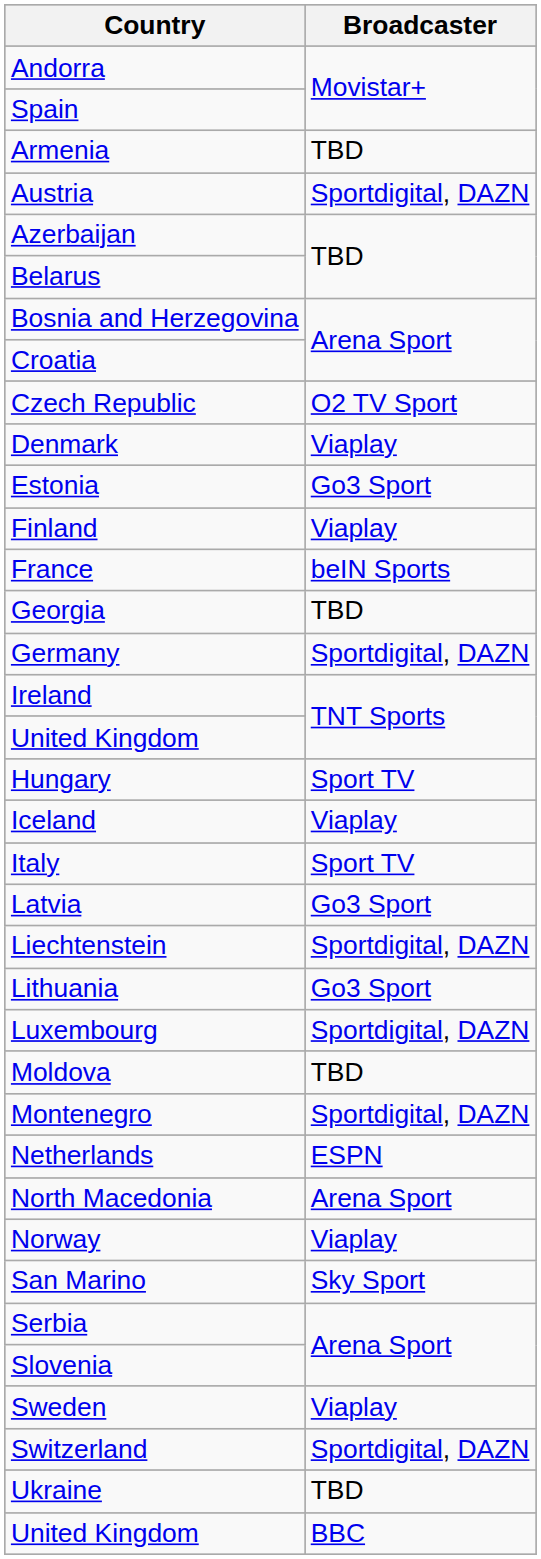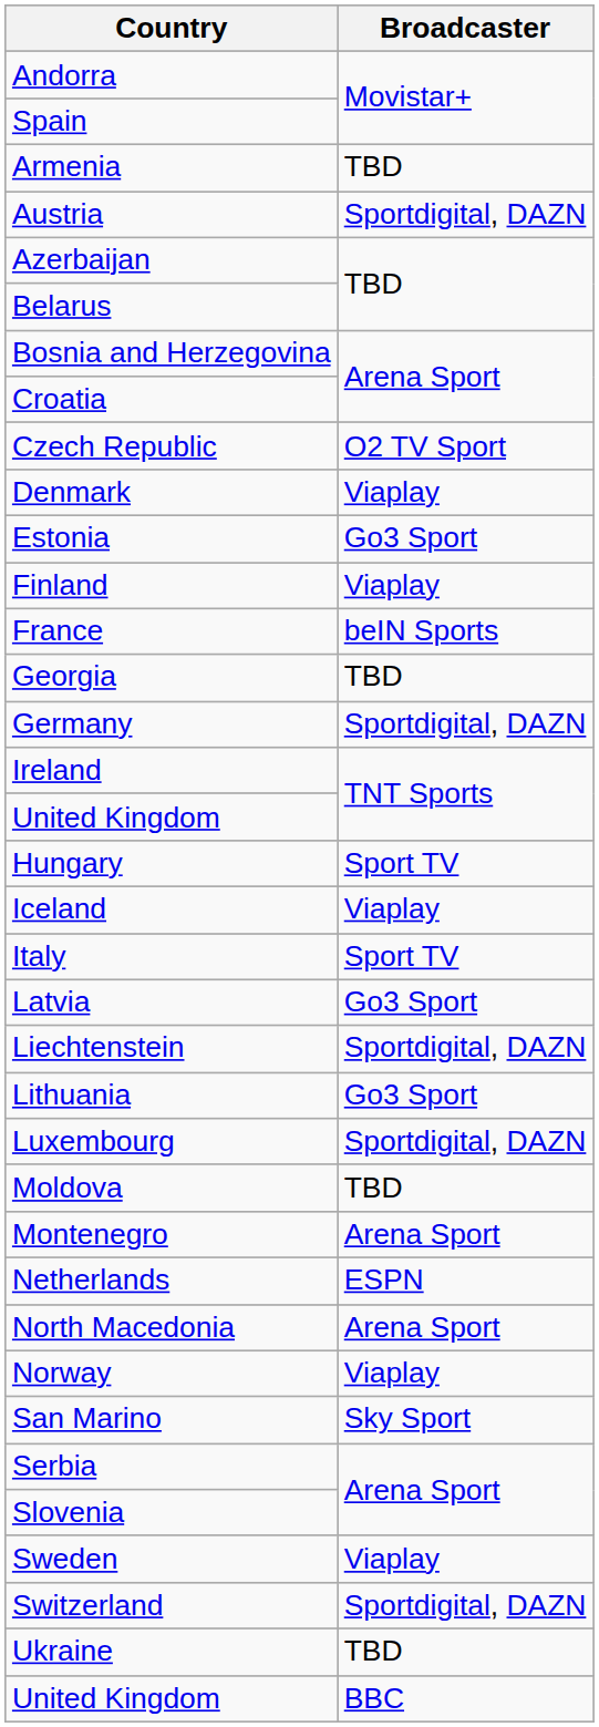 <table class="wikitable">
 <tr>
 <th>Country</th>
 <th>Broadcaster</th>
 </tr>
 <tr>
 <td> <a href='#'>Andorra</a></td>
 <td rowspan=2><a href='#'>Movistar+</a></td>
 </tr>
 <tr>
 <td> <a href='#'>Spain</a></td>
 </tr>
 <tr>
 <td> <a href='#'>Armenia</a></td>
 <td>TBD</td>
 </tr>
 <tr>
 <td>  <a href='#'>Austria</a></td>
 <td><a href='#'>Sportdigital</a>, <a href='#'>DAZN</a></td>
 </tr>
 <tr>
 <td> <a href='#'>Azerbaijan</a></td>
 <td rowspan="2">TBD</td>
 </tr>
 <tr>
 <td> <a href='#'>Belarus</a></td>
 </tr>
 <tr>
 <td>  <a href='#'>Bosnia and Herzegovina</a></td>
 <td rowspan="2"><a href='#'>Arena Sport</a></td>
 </tr>
 <tr>
 <td>  <a href='#'>Croatia</a></td>
 </tr>
 <tr>
 <td> <a href='#'>Czech Republic</a></td>
 <td><a href='#'>O2 TV Sport</a></td>
 </tr>
 <tr>
 <td> <a href='#'>Denmark</a></td>
 <td><a href='#'>Viaplay</a></td>
 </tr>
 <tr>
 <td> <a href='#'>Estonia</a></td>
 <td><a href='#'>Go3 Sport</a></td>
 </tr>
 <tr>
 <td> <a href='#'>Finland</a></td>
 <td><a href='#'>Viaplay</a></td>
 </tr>
 <tr>
 <td> <a href='#'>France</a></td>
 <td><a href='#'>beIN Sports</a></td>
 </tr>
 <tr>
 <td> <a href='#'>Georgia</a></td>
 <td>TBD</td>
 </tr>
 <tr>
 <td>  <a href='#'>Germany</a></td>
 <td><a href='#'>Sportdigital</a>, <a href='#'>DAZN</a></td>
 </tr>
 <tr>
 <td> <a href='#'>Ireland</a></td>
 <td rowspan=2><a href='#'>TNT Sports</a></td>
 </tr>
 <tr>
 <td> <a href='#'>United Kingdom</a></td>
 </tr>
 <tr>
 <td> <a href='#'>Hungary</a></td>
 <td><a href='#'>Sport TV</a></td>
 </tr>
 <tr>
 <td> <a href='#'>Iceland</a></td>
 <td><a href='#'>Viaplay</a></td>
 </tr>
 <tr>
 <td> <a href='#'>Italy</a></td>
 <td><a href='#'>Sport TV</a></td>
 </tr>
 <tr>
 <td> <a href='#'>Latvia</a></td>
 <td><a href='#'>Go3 Sport</a></td>
 </tr>
 <tr>
 <td>  <a href='#'>Liechtenstein</a></td>
 <td><a href='#'>Sportdigital</a>, <a href='#'>DAZN</a></td>
 </tr>
 <tr>
 <td> <a href='#'>Lithuania</a></td>
 <td><a href='#'>Go3 Sport</a></td>
 </tr>
 <tr>
 <td>  <a href='#'>Luxembourg</a></td>
 <td><a href='#'>Sportdigital</a>, <a href='#'>DAZN</a></td>
 </tr>
 <tr>
 <td> <a href='#'>Moldova</a></td>
 <td>TBD</td>
 </tr>
 <tr>
 <td> <a href='#'>Montenegro</a></td>
-<td><a href='#'>Sportdigital</a>, <a href='#'>DAZN</a></td>
+<td><a href='#'>Arena Sport</a></td>
 </tr>
 <tr>
 <td> <a href='#'>Netherlands</a></td>
 <td><a href='#'>ESPN</a></td>
 </tr>
 <tr>
 <td>  <a href='#'>North Macedonia</a></td>
 <td><a href='#'>Arena Sport</a></td>
 </tr>
 <tr>
 <td> <a href='#'>Norway</a></td>
 <td><a href='#'>Viaplay</a></td>
 </tr>
 <tr>
 <td> <a href='#'>San Marino</a></td>
 <td><a href='#'>Sky Sport</a></td>
 </tr>
 <tr>
 <td>  <a href='#'>Serbia</a></td>
 <td rowspan="2"><a href='#'>Arena Sport</a></td>
 </tr>
 <tr>
 <td>  <a href='#'>Slovenia</a></td>
 </tr>
 <tr>
 <td> <a href='#'>Sweden</a></td>
 <td><a href='#'>Viaplay</a></td>
 </tr>
 <tr>
 <td> <a href='#'>Switzerland</a></td>
 <td><a href='#'>Sportdigital</a>, <a href='#'>DAZN</a></td>
 </tr>
 <tr>
 <td> <a href='#'>Ukraine</a></td>
 <td>TBD</td>
 </tr>
 <tr>
 <td> <a href='#'>United Kingdom</a></td>
 <td><a href='#'>BBC</a></td>
 </tr>
 </table>
